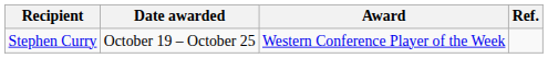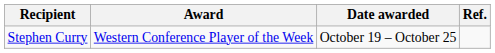 <table class="wikitable sortable sortable" style="text-align: center">
 <tr>
 <th>Recipient</th>
+<th>Award</th>
 <th>Date awarded</th>
-<th>Award</th>
 <th>Ref.</th>
 </tr>
 <tr>
 <td><a href='#'>Stephen Curry</a></td>
+<td><a href='#'>Western Conference Player of the Week</a></td>
 <td>October 19 – October 25</td>
-<td><a href='#'>Western Conference Player of the Week</a></td>
 <td></td>
 </tr>
 </table>
